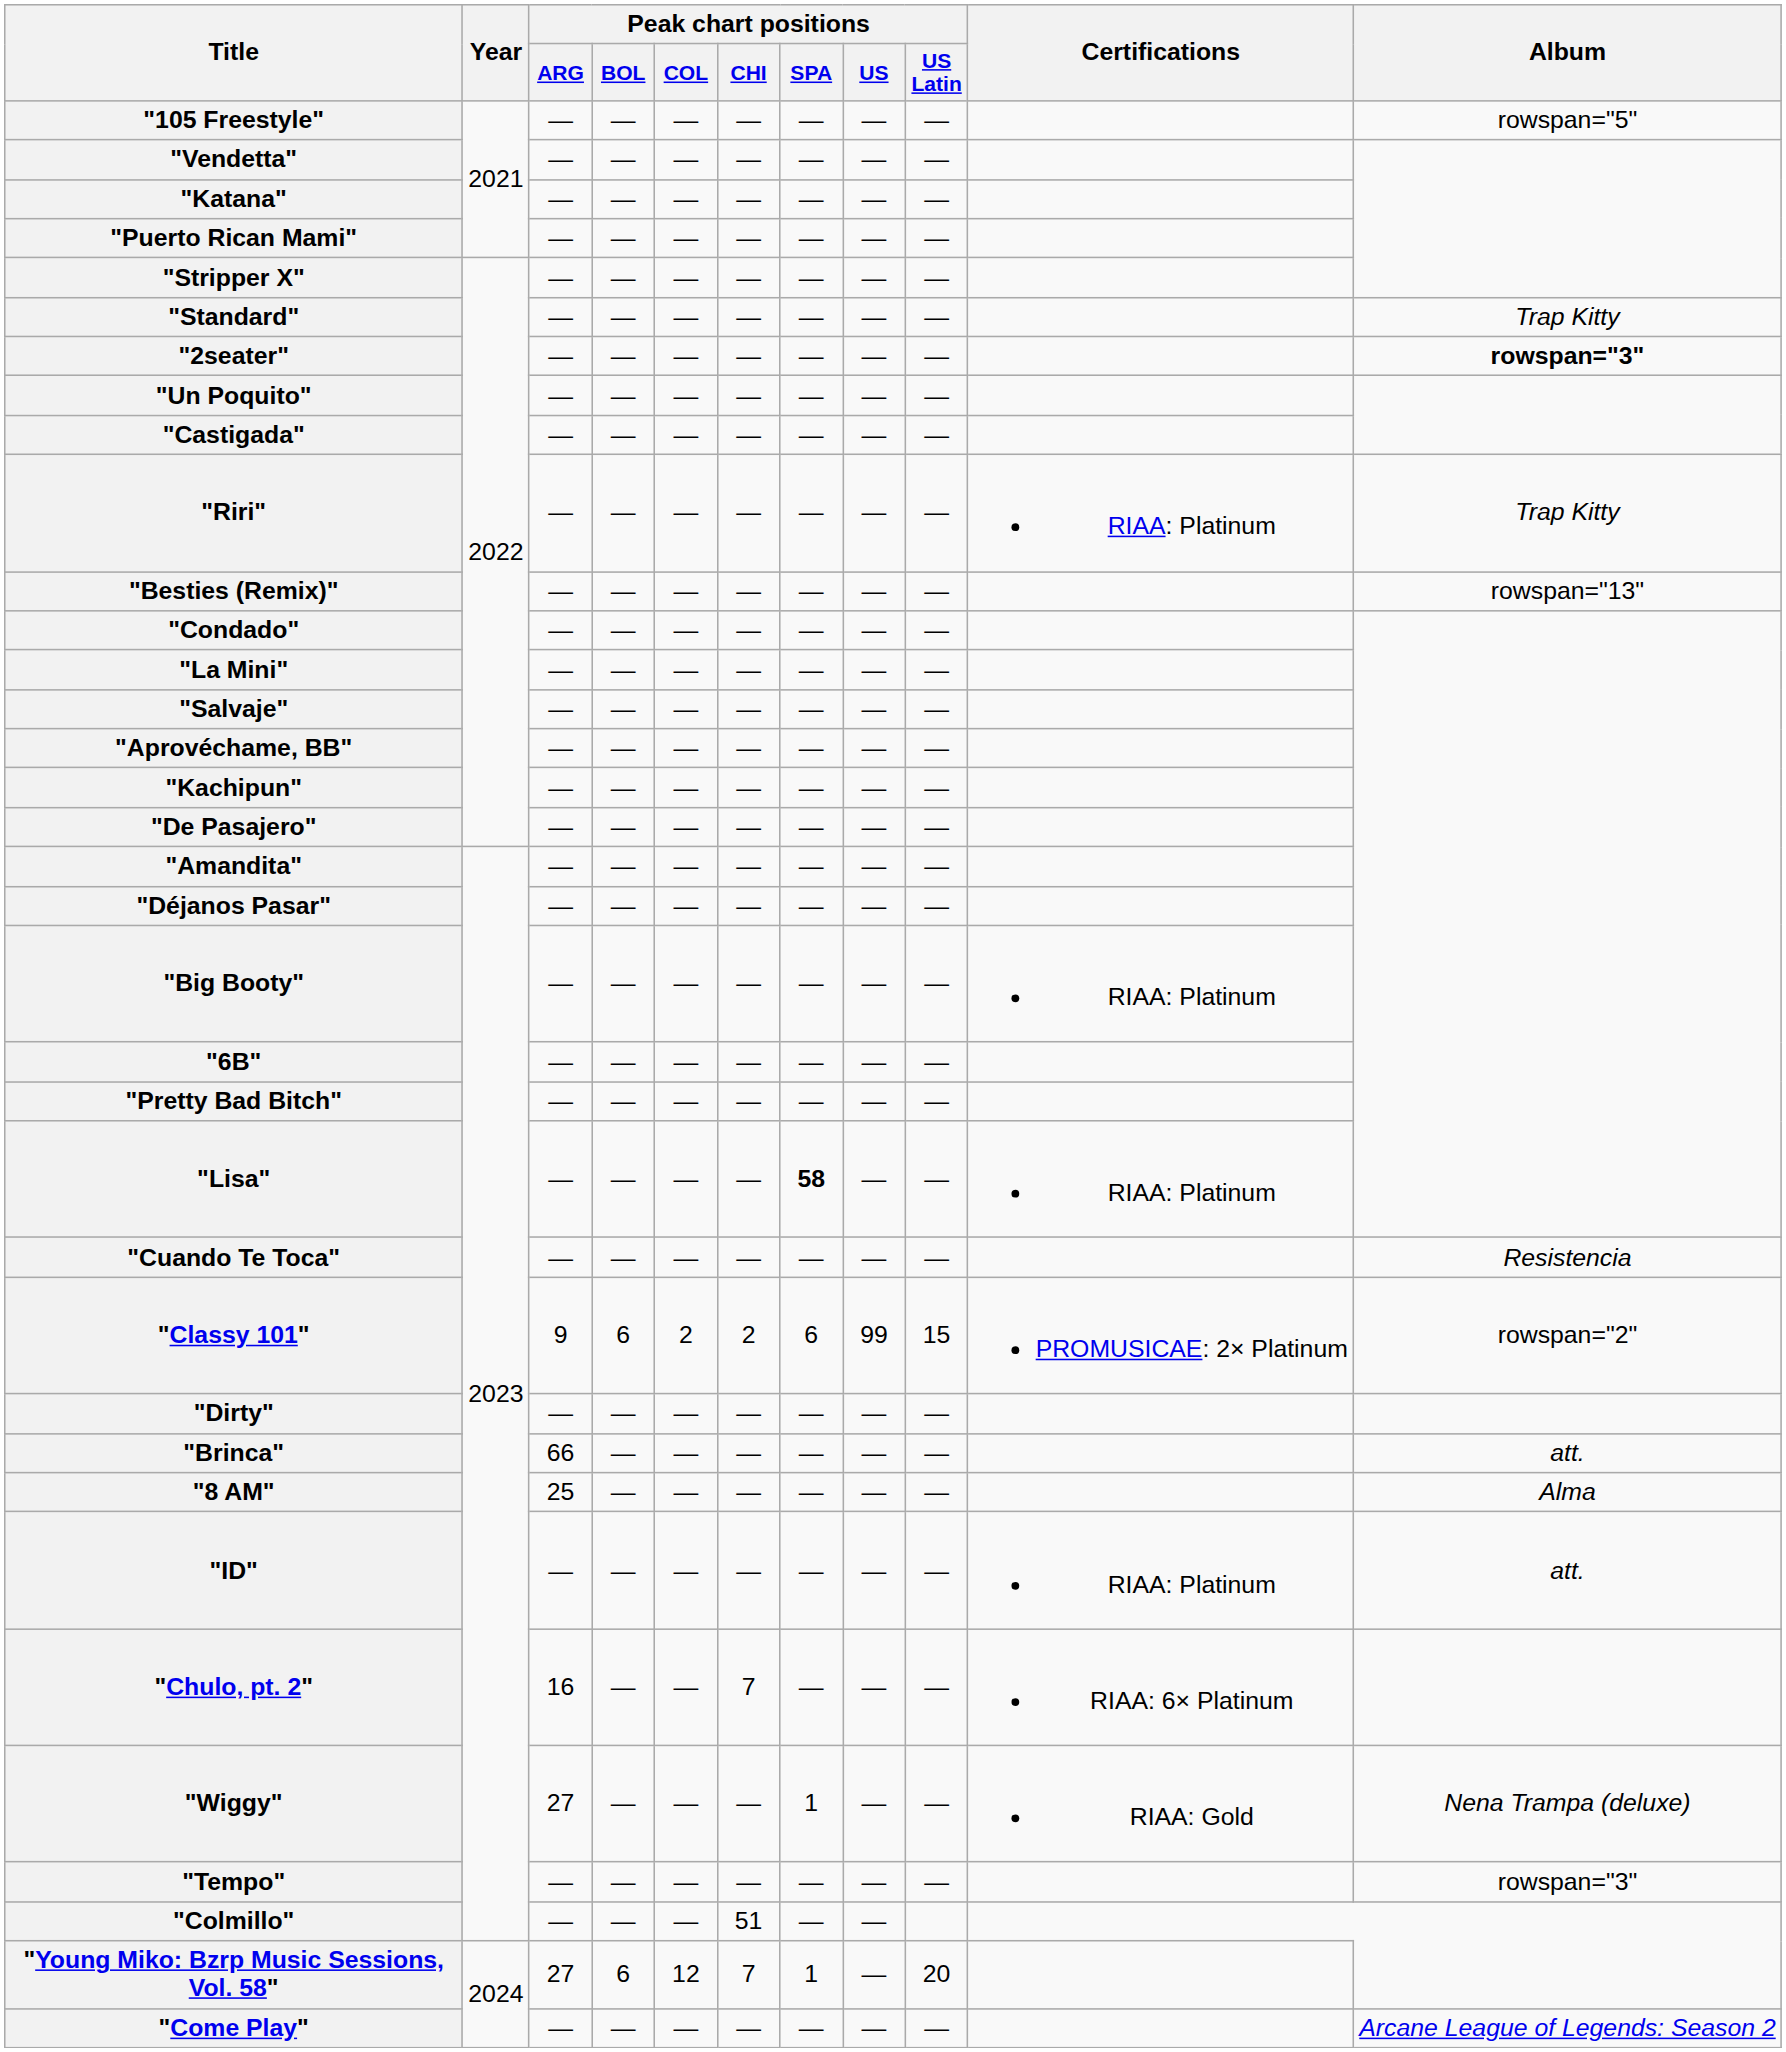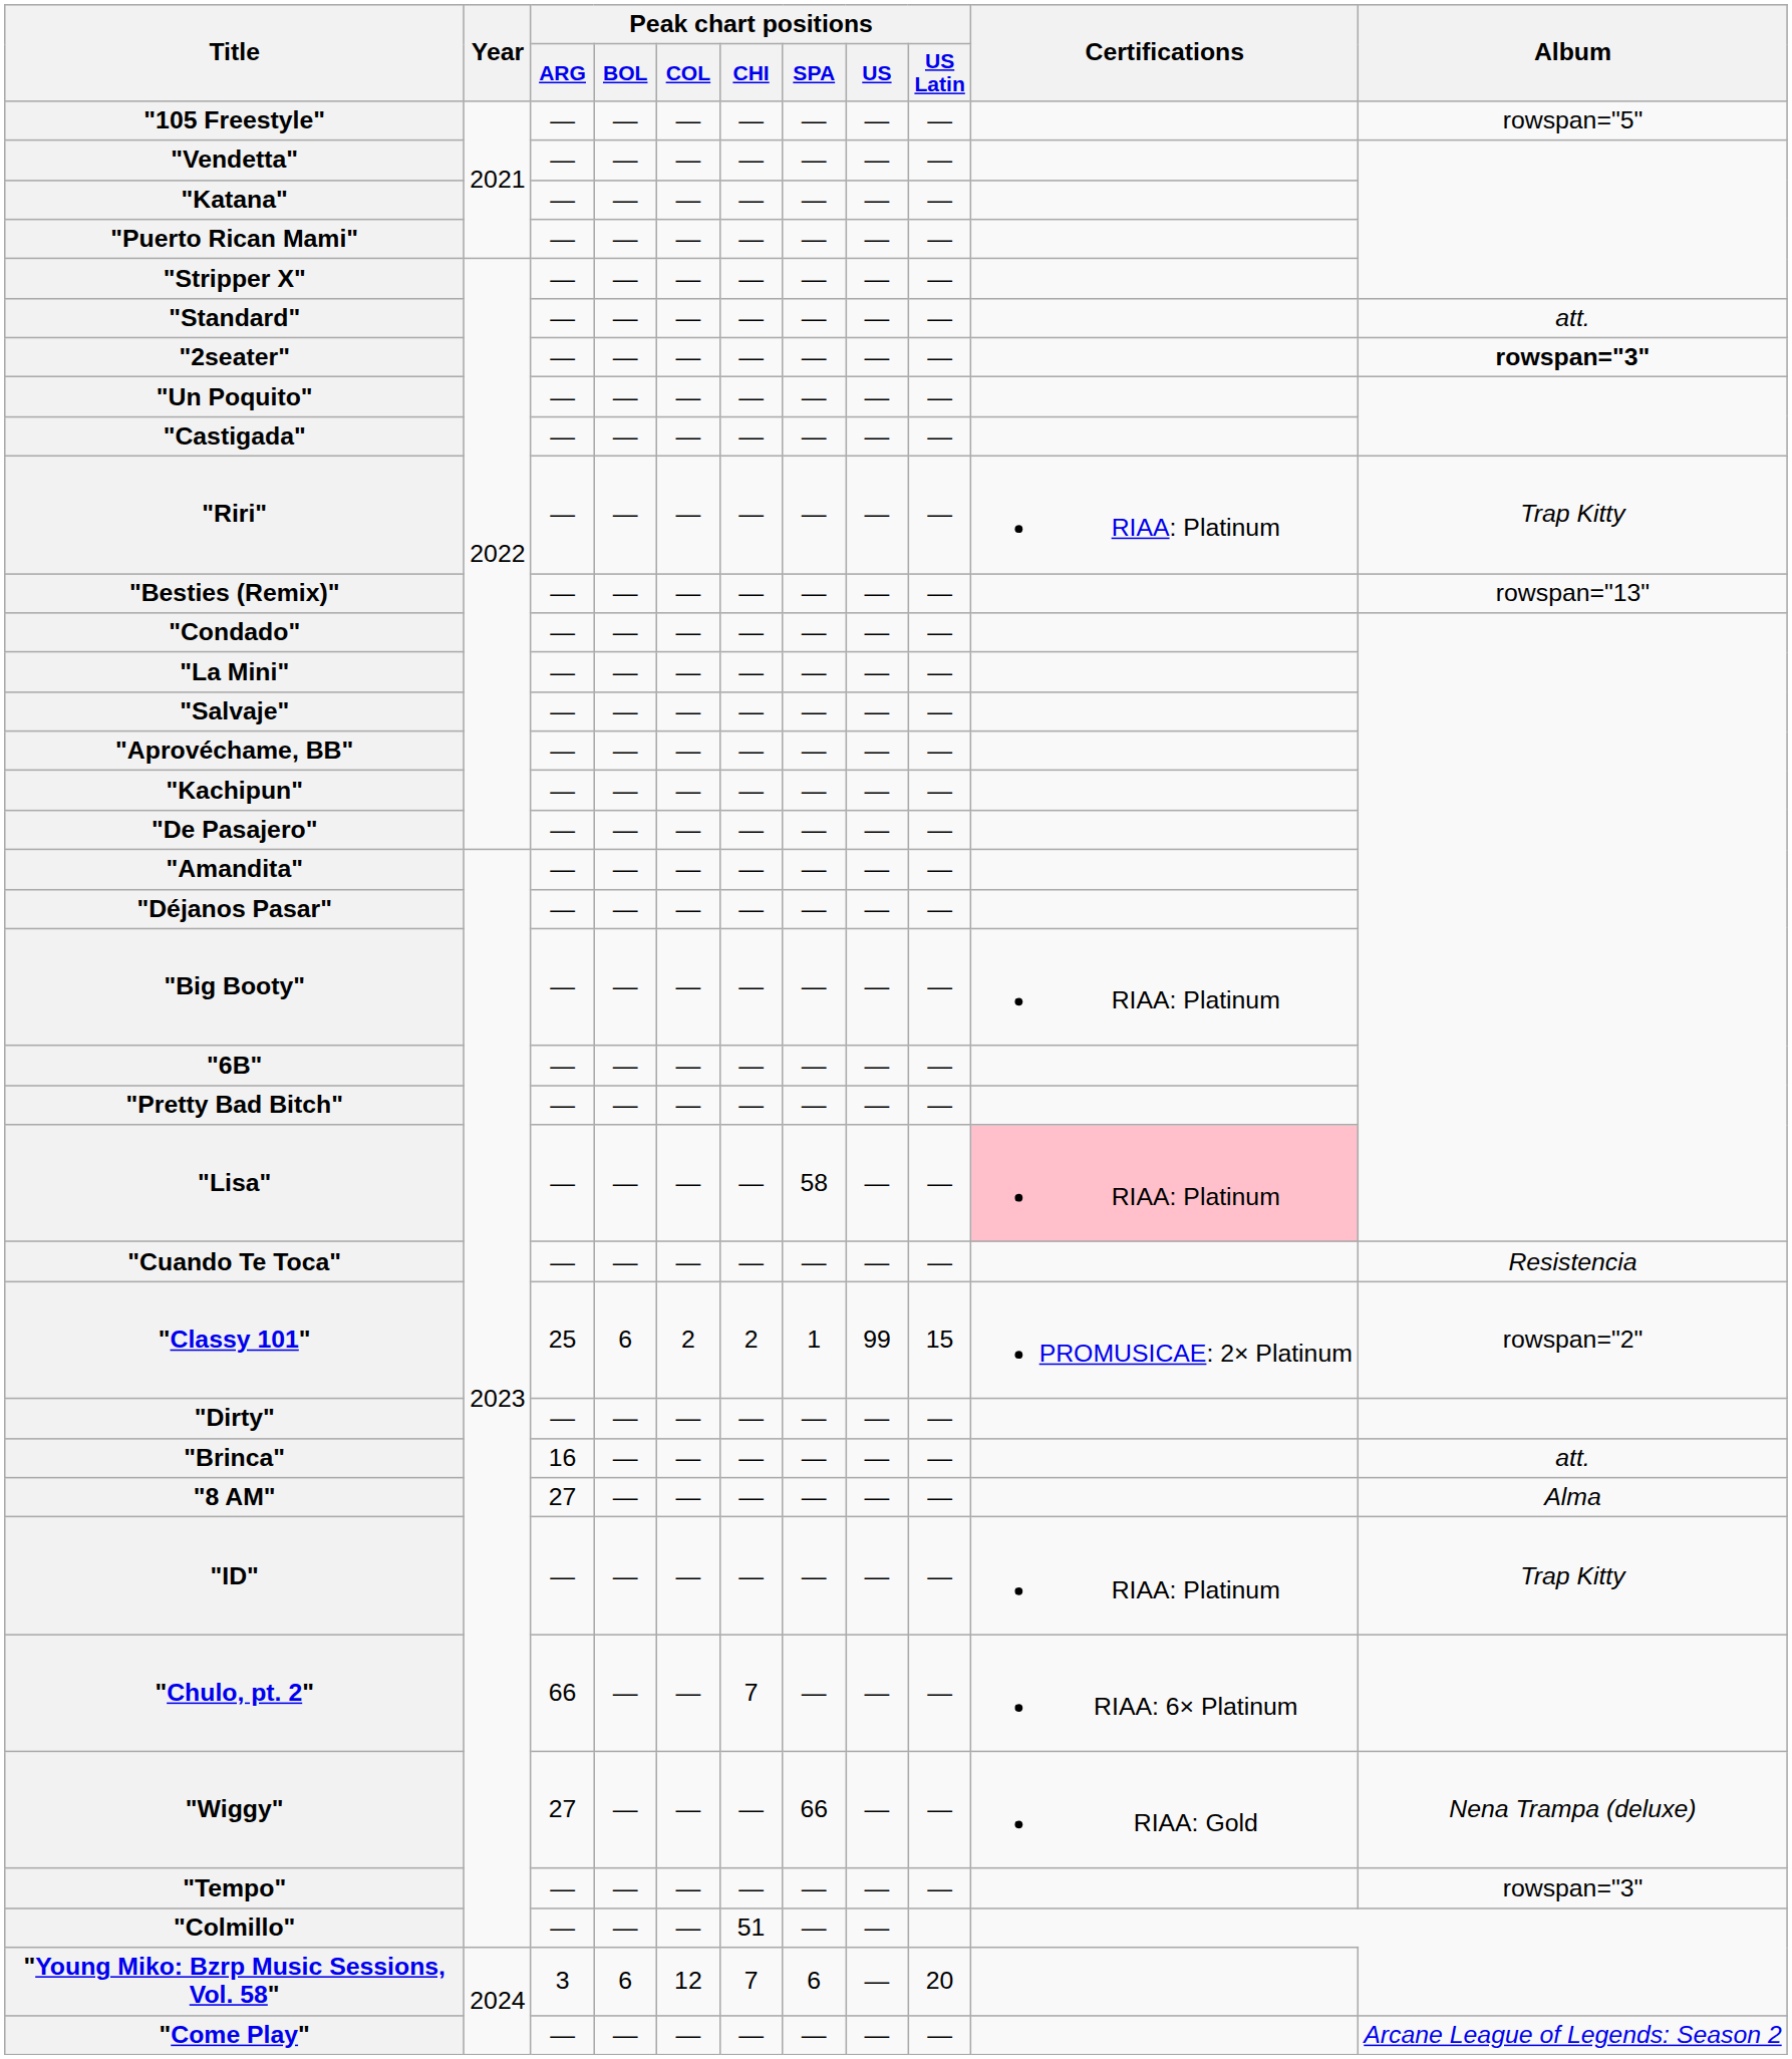 <table class="wikitable plainrowheaders" style="text-align:center;">
 <tr>
 <th rowspan="2" scope="col" style="width:18em;">Title</th>
 <th rowspan="2">Year</th>
 <th colspan="7">Peak chart positions</th>
 <th rowspan="2">Certifications</th>
 <th rowspan="2">Album</th>
 </tr>
 <tr>
 <th scope="col" style="width:2.5em;font-size:85%;"><a href='#'>ARG</a><br></th>
 <th scope="col" style="width:2.5em;font-size:85%;"><a href='#'>BOL</a><br></th>
 <th scope="col" style="width:2.5em;font-size:85%;"><a href='#'>COL</a><br></th>
 <th scope="col" style="width:2.5em;font-size:85%;"><a href='#'>CHI</a><br></th>
 <th scope="col" style="width:2.5em;font-size:85%;"><a href='#'>SPA</a><br></th>
 <th scope="col" style="width:2.5em;font-size:85%;"><a href='#'>US</a><br></th>
 <th scope="col" style="width:2.5em;font-size:85%;"><a href='#'>US<br>Latin</a><br></th>
 </tr>
 <tr>
 <th scope="row">"105 Freestyle"<br></th>
 <td rowspan="4">2021</td>
 <td>—</td>
 <td>—</td>
 <td>—</td>
 <td>—</td>
 <td>—</td>
 <td>—</td>
 <td>—</td>
 <td></td>
 <td>rowspan="5" </td>
 </tr>
 <tr>
 <th scope="row">"Vendetta"<br></th>
 <td>—</td>
 <td>—</td>
 <td>—</td>
 <td>—</td>
 <td>—</td>
 <td>—</td>
 <td>—</td>
 <td></td>
 </tr>
 <tr>
 <th scope="row">"Katana"<br></th>
 <td>—</td>
 <td>—</td>
 <td>—</td>
 <td>—</td>
 <td>—</td>
 <td>—</td>
 <td>—</td>
 <td></td>
 </tr>
 <tr>
 <th scope="row">"Puerto Rican Mami"</th>
 <td>—</td>
 <td>—</td>
 <td>—</td>
 <td>—</td>
 <td>—</td>
 <td>—</td>
 <td>—</td>
 <td></td>
 </tr>
 <tr>
 <th scope="row">"Stripper X"<br></th>
 <td rowspan="13">2022</td>
 <td>—</td>
 <td>—</td>
 <td>—</td>
 <td>—</td>
 <td>—</td>
 <td>—</td>
 <td>—</td>
 <td></td>
 </tr>
 <tr>
 <th scope="row">"Standard"</th>
 <td>—</td>
 <td>—</td>
 <td>—</td>
 <td>—</td>
 <td>—</td>
 <td>—</td>
 <td>—</td>
 <td></td>
-<td><em>Trap Kitty</em></td>
+<td><em>att.</em></td>
 </tr>
 <tr>
 <th scope="row">"2seater"<br></th>
 <td>—</td>
 <td>—</td>
 <td>—</td>
 <td>—</td>
 <td>—</td>
 <td>—</td>
 <td>—</td>
 <td></td>
 <td><strong>rowspan="3" </strong></td>
 </tr>
 <tr>
 <th scope="row">"Un Poquito"<br></th>
 <td>—</td>
 <td>—</td>
 <td>—</td>
 <td>—</td>
 <td>—</td>
 <td>—</td>
 <td>—</td>
 <td></td>
 </tr>
 <tr>
 <th scope="row">"Castigada"<br></th>
 <td>—</td>
 <td>—</td>
 <td>—</td>
 <td>—</td>
 <td>—</td>
 <td>—</td>
 <td>—</td>
 <td></td>
 </tr>
 <tr>
 <th scope="row">"Riri"</th>
 <td>—</td>
 <td>—</td>
 <td>—</td>
 <td>—</td>
 <td>—</td>
 <td>—</td>
 <td>—</td>
 <td><br><ul><li><a href='#'>RIAA</a>: Platinum </li></ul></td>
 <td><em>Trap Kitty</em></td>
 </tr>
 <tr>
 <th scope="row">"Besties (Remix)"<br></th>
 <td>—</td>
 <td>—</td>
 <td>—</td>
 <td>—</td>
 <td>—</td>
 <td>—</td>
 <td>—</td>
 <td></td>
 <td>rowspan="13" </td>
 </tr>
 <tr>
 <th scope="row">"Condado"<br></th>
 <td>—</td>
 <td>—</td>
 <td>—</td>
 <td>—</td>
 <td>—</td>
 <td>—</td>
 <td>—</td>
 <td></td>
 </tr>
 <tr>
 <th scope="row">"La Mini"<br></th>
 <td>—</td>
 <td>—</td>
 <td>—</td>
 <td>—</td>
 <td>—</td>
 <td>—</td>
 <td>—</td>
 <td></td>
 </tr>
 <tr>
 <th scope="row">"Salvaje"<br></th>
 <td>—</td>
 <td>—</td>
 <td>—</td>
 <td>—</td>
 <td>—</td>
 <td>—</td>
 <td>—</td>
 <td></td>
 </tr>
 <tr>
 <th scope="row">"Aprovéchame, BB"<br></th>
 <td>—</td>
 <td>—</td>
 <td>—</td>
 <td>—</td>
 <td>—</td>
 <td>—</td>
 <td>—</td>
 <td></td>
 </tr>
 <tr>
 <th scope="row">"Kachipun"<br></th>
 <td>—</td>
 <td>—</td>
 <td>—</td>
 <td>—</td>
 <td>—</td>
 <td>—</td>
 <td>—</td>
 <td></td>
 </tr>
 <tr>
 <th scope="row">"De Pasajero"<br></th>
 <td>—</td>
 <td>—</td>
 <td>—</td>
 <td>—</td>
 <td>—</td>
 <td>—</td>
 <td>—</td>
 <td></td>
 </tr>
 <tr>
 <th scope="row">"Amandita"<br></th>
 <td rowspan="16">2023</td>
 <td>—</td>
 <td>—</td>
 <td>—</td>
 <td>—</td>
 <td>—</td>
 <td>—</td>
 <td>—</td>
 <td></td>
 </tr>
 <tr>
 <th scope="row">"Déjanos Pasar"<br></th>
 <td>—</td>
 <td>—</td>
 <td>—</td>
 <td>—</td>
 <td>—</td>
 <td>—</td>
 <td>—</td>
 <td></td>
 </tr>
 <tr>
 <th scope="row">"Big Booty"<br></th>
 <td>—</td>
 <td>—</td>
 <td>—</td>
 <td>—</td>
 <td>—</td>
 <td>—</td>
 <td>—</td>
 <td><br><ul><li>RIAA: Platinum </li></ul></td>
 </tr>
 <tr>
 <th scope="row">"6B"<br></th>
 <td>—</td>
 <td>—</td>
 <td>—</td>
 <td>—</td>
 <td>—</td>
 <td>—</td>
 <td>—</td>
 <td></td>
 </tr>
 <tr>
 <th scope="row">"Pretty Bad Bitch"<br></th>
 <td>—</td>
 <td>—</td>
 <td>—</td>
 <td>—</td>
 <td>—</td>
 <td>—</td>
 <td>—</td>
 <td></td>
 </tr>
 <tr>
 <th scope="row">"Lisa"</th>
 <td>—</td>
 <td>—</td>
 <td>—</td>
 <td>—</td>
-<td><strong>58</strong></td>
+<td>58</td>
 <td>—</td>
 <td>—</td>
-<td><br><ul><li>RIAA: Platinum </li></ul></td>
+<td style="background: pink;"><br><ul><li>RIAA: Platinum </li></ul></td>
 </tr>
 <tr>
 <th scope="row">"Cuando Te Toca"<br></th>
 <td>—</td>
 <td>—</td>
 <td>—</td>
 <td>—</td>
 <td>—</td>
 <td>—</td>
 <td>—</td>
 <td></td>
 <td><em>Resistencia</em></td>
 </tr>
 <tr>
 <th scope="row">"<a href='#'>Classy 101</a>"<br></th>
-<td>9</td>
+<td>25</td>
 <td>6</td>
 <td>2</td>
 <td>2</td>
-<td>6</td>
+<td>1</td>
 <td>99</td>
 <td>15</td>
 <td><br><ul><li><a href='#'>PROMUSICAE</a>: 2× Platinum</li></ul></td>
 <td>rowspan="2" </td>
 </tr>
 <tr>
 <th scope="row">"Dirty"</th>
 <td>—</td>
 <td>—</td>
 <td>—</td>
 <td>—</td>
 <td>—</td>
 <td>—</td>
 <td>—</td>
 <td></td>
 </tr>
 <tr>
 <th scope="row">"Brinca"<br></th>
-<td>66</td>
+<td>16</td>
 <td>—</td>
 <td>—</td>
 <td>—</td>
 <td>—</td>
 <td>—</td>
 <td>—</td>
 <td></td>
 <td><em>att.</em></td>
 </tr>
 <tr>
 <th scope="row">"8 AM"<br></th>
-<td>25</td>
+<td>27</td>
 <td>—</td>
 <td>—</td>
 <td>—</td>
 <td>—</td>
 <td>—</td>
 <td>—</td>
 <td></td>
 <td><em>Alma</em></td>
 </tr>
 <tr>
 <th scope="row">"ID"<br></th>
 <td>—</td>
 <td>—</td>
 <td>—</td>
 <td>—</td>
 <td>—</td>
 <td>—</td>
 <td>—</td>
 <td><br><ul><li>RIAA: Platinum </li></ul></td>
-<td><em>att.</em></td>
+<td><em>Trap Kitty</em></td>
 </tr>
 <tr>
 <th scope="row">"<a href='#'>Chulo, pt. 2</a>"<br></th>
-<td>16</td>
+<td>66</td>
 <td>—</td>
 <td>—</td>
 <td>7</td>
 <td>—</td>
 <td>—</td>
 <td>—</td>
 <td><br><ul><li>RIAA: 6× Platinum </li></ul></td>
 <td></td>
 </tr>
 <tr>
 <th scope="row">"Wiggy"</th>
 <td>27</td>
 <td>—</td>
 <td>—</td>
 <td>—</td>
-<td>1</td>
+<td>66</td>
 <td>—</td>
 <td>—</td>
 <td><br><ul><li>RIAA: Gold </li></ul></td>
 <td><em>Nena Trampa (deluxe)</em></td>
 </tr>
 <tr>
 <th scope="row">"Tempo"<br></th>
 <td>—</td>
 <td>—</td>
 <td>—</td>
 <td>—</td>
 <td>—</td>
 <td>—</td>
 <td>—</td>
 <td></td>
 <td>rowspan="3" </td>
 </tr>
 <tr>
 <th scope="row">"Colmillo"<br></th>
 <td>—</td>
 <td>—</td>
 <td>—</td>
 <td>51</td>
 <td>—</td>
 <td>—</td>
 <td></td>
 </tr>
 <tr>
 <th scope="row">"<a href='#'>Young Miko: Bzrp Music Sessions, Vol. 58</a>"<br></th>
 <td rowspan="2">2024</td>
-<td>27</td>
+<td>3</td>
 <td>6</td>
 <td>12</td>
 <td>7</td>
-<td>1</td>
+<td>6</td>
 <td>—</td>
 <td>20</td>
 <td></td>
 </tr>
 <tr>
 <th scope="row">"<a href='#'>Come Play</a>"<br></th>
 <td>—</td>
 <td>—</td>
 <td>—</td>
 <td>—</td>
 <td>—</td>
 <td>—</td>
 <td>—</td>
 <td></td>
 <td><em><a href='#'>Arcane League of Legends: Season 2</a></em></td>
 </tr>
 </table>
